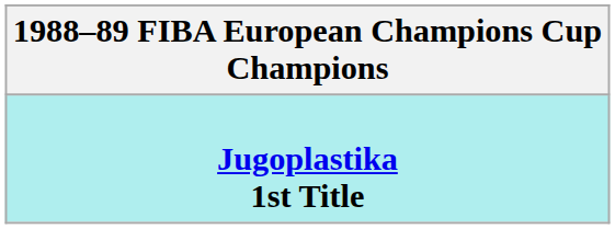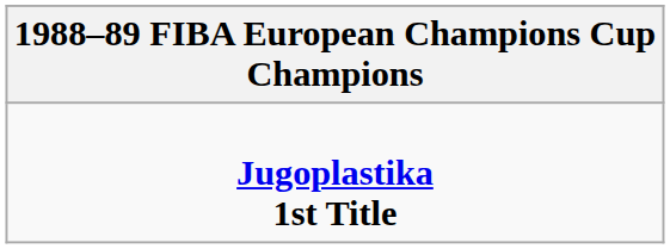 <table class=wikitable style="text-align:center; margin:auto">
 <tr>
 <th>1988–89 FIBA European Champions Cup<br>Champions</th>
 </tr>
 <tr>
-<td style="background: paleturquoise;"> <br> <strong><a href='#'>Jugoplastika</a></strong> <br> <strong>1st Title</strong></td>
+<td> <br> <strong><a href='#'>Jugoplastika</a></strong> <br> <strong>1st Title</strong></td>
 </tr>
 </table>
